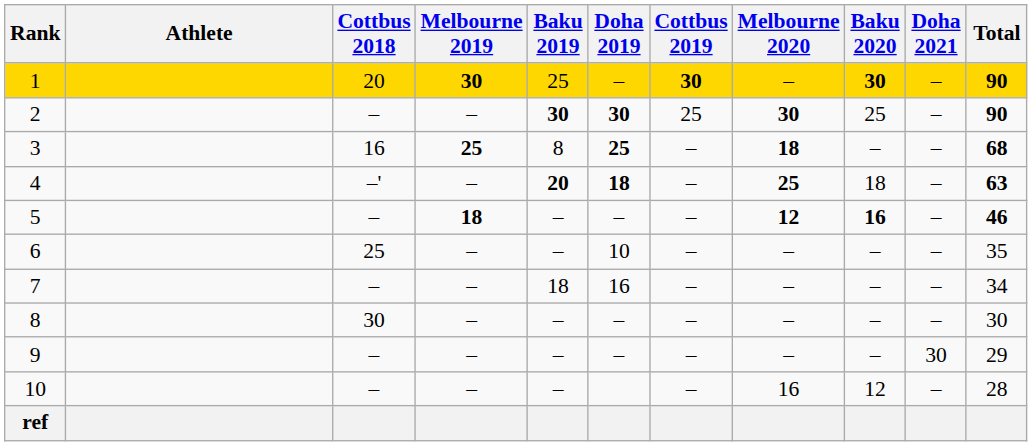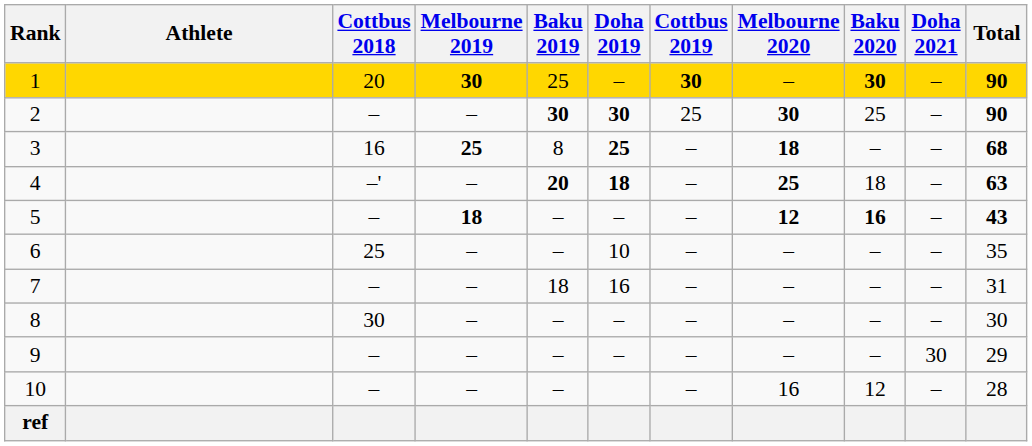 <table style="width:60%;" class="wikitable">
 <tr>
 <th style="text-align:center; width:6%;">Rank</th>
 <th style="text-align:center; width:30%;">Athlete</th>
 <th style="text-align:center; width:6%;"><a href='#'>Cottbus 2018</a></th>
 <th style="text-align:center; width:6%;"><a href='#'>Melbourne 2019</a></th>
 <th style="text-align:center; width:6%;"><a href='#'>Baku 2019</a></th>
 <th style="text-align:center; width:6%;"><a href='#'>Doha 2019</a></th>
 <th style="text-align:center; width:6%;"><a href='#'>Cottbus 2019</a></th>
 <th style="text-align:center; width:6%;"><a href='#'>Melbourne 2020</a></th>
 <th style="text-align:center; width:6%;"><a href='#'>Baku 2020</a></th>
 <th style="text-align:center; width:6%;"><a href='#'>Doha 2021</a></th>
 <th style="text-align:center; width:6%;">Total</th>
 </tr>
 <tr scope=row style="text-align:center" bgcolor=gold>
 <td>1</td>
 <td align=left></td>
 <td>20</td>
 <td><strong>30</strong></td>
 <td>25</td>
 <td>–</td>
 <td><strong>30</strong></td>
 <td>–</td>
 <td><strong>30</strong></td>
 <td>–</td>
 <td><strong>90</strong></td>
 </tr>
 <tr scope=row style="text-align:center">
 <td>2</td>
 <td align=left></td>
 <td>–</td>
 <td>–</td>
 <td><strong>30</strong></td>
 <td><strong>30</strong></td>
 <td>25</td>
 <td><strong>30</strong></td>
 <td>25</td>
 <td>–</td>
 <td><strong>90</strong></td>
 </tr>
 <tr scope=row style="text-align:center">
 <td>3</td>
 <td align=left></td>
 <td>16</td>
 <td><strong>25</strong></td>
 <td>8</td>
 <td><strong>25</strong></td>
 <td>–</td>
 <td><strong>18</strong></td>
 <td>–</td>
 <td>–</td>
 <td><strong>68</strong></td>
 </tr>
 <tr scope=row style="text-align:center">
 <td>4</td>
 <td align=left></td>
 <td>–'</td>
 <td>–</td>
 <td><strong>20</strong></td>
 <td><strong>18</strong></td>
 <td>–</td>
 <td><strong>25</strong></td>
 <td>18</td>
 <td>–</td>
 <td><strong>63</strong></td>
 </tr>
 <tr scope=row style="text-align:center">
 <td>5</td>
 <td align=left></td>
 <td>–</td>
 <td><strong>18</strong></td>
 <td>–</td>
 <td>–</td>
 <td>–</td>
 <td><strong>12</strong></td>
 <td><strong>16</strong></td>
 <td>–</td>
-<td><strong>46</strong></td>
+<td><strong>43</strong></td>
 </tr>
 <tr scope=row style="text-align:center">
 <td>6</td>
 <td align=left></td>
 <td>25</td>
 <td>–</td>
 <td>–</td>
 <td>10</td>
 <td>–</td>
 <td>–</td>
 <td>–</td>
 <td>–</td>
 <td>35</td>
 </tr>
 <tr scope=row style="text-align:center">
 <td>7</td>
 <td align=left></td>
 <td>–</td>
 <td>–</td>
 <td>18</td>
 <td>16</td>
 <td>–</td>
 <td>–</td>
 <td>–</td>
 <td>–</td>
-<td>34</td>
+<td>31</td>
 </tr>
 <tr scope=row style="text-align:center">
 <td>8</td>
 <td align=left></td>
 <td>30</td>
 <td>–</td>
 <td>–</td>
 <td>–</td>
 <td>–</td>
 <td>–</td>
 <td>–</td>
 <td>–</td>
 <td>30</td>
 </tr>
 <tr scope=row style="text-align:center">
 <td>9</td>
 <td align=left></td>
 <td>–</td>
 <td>–</td>
 <td>–</td>
 <td>–</td>
 <td>–</td>
 <td>–</td>
 <td>–</td>
 <td>30</td>
 <td>29</td>
 </tr>
 <tr scope=row style="text-align:center">
 <td>10</td>
 <td align=left></td>
 <td>–</td>
 <td>–</td>
 <td>–</td>
 <td></td>
 <td>–</td>
 <td>16</td>
 <td>12</td>
 <td>–</td>
 <td>28</td>
 </tr>
 <tr scope=row style="text-align:center">
 <th>ref</th>
 <th></th>
 <th></th>
 <th></th>
 <th></th>
 <th></th>
 <th></th>
 <th></th>
 <th></th>
 <th></th>
 <th></th>
 </tr>
 </table>
